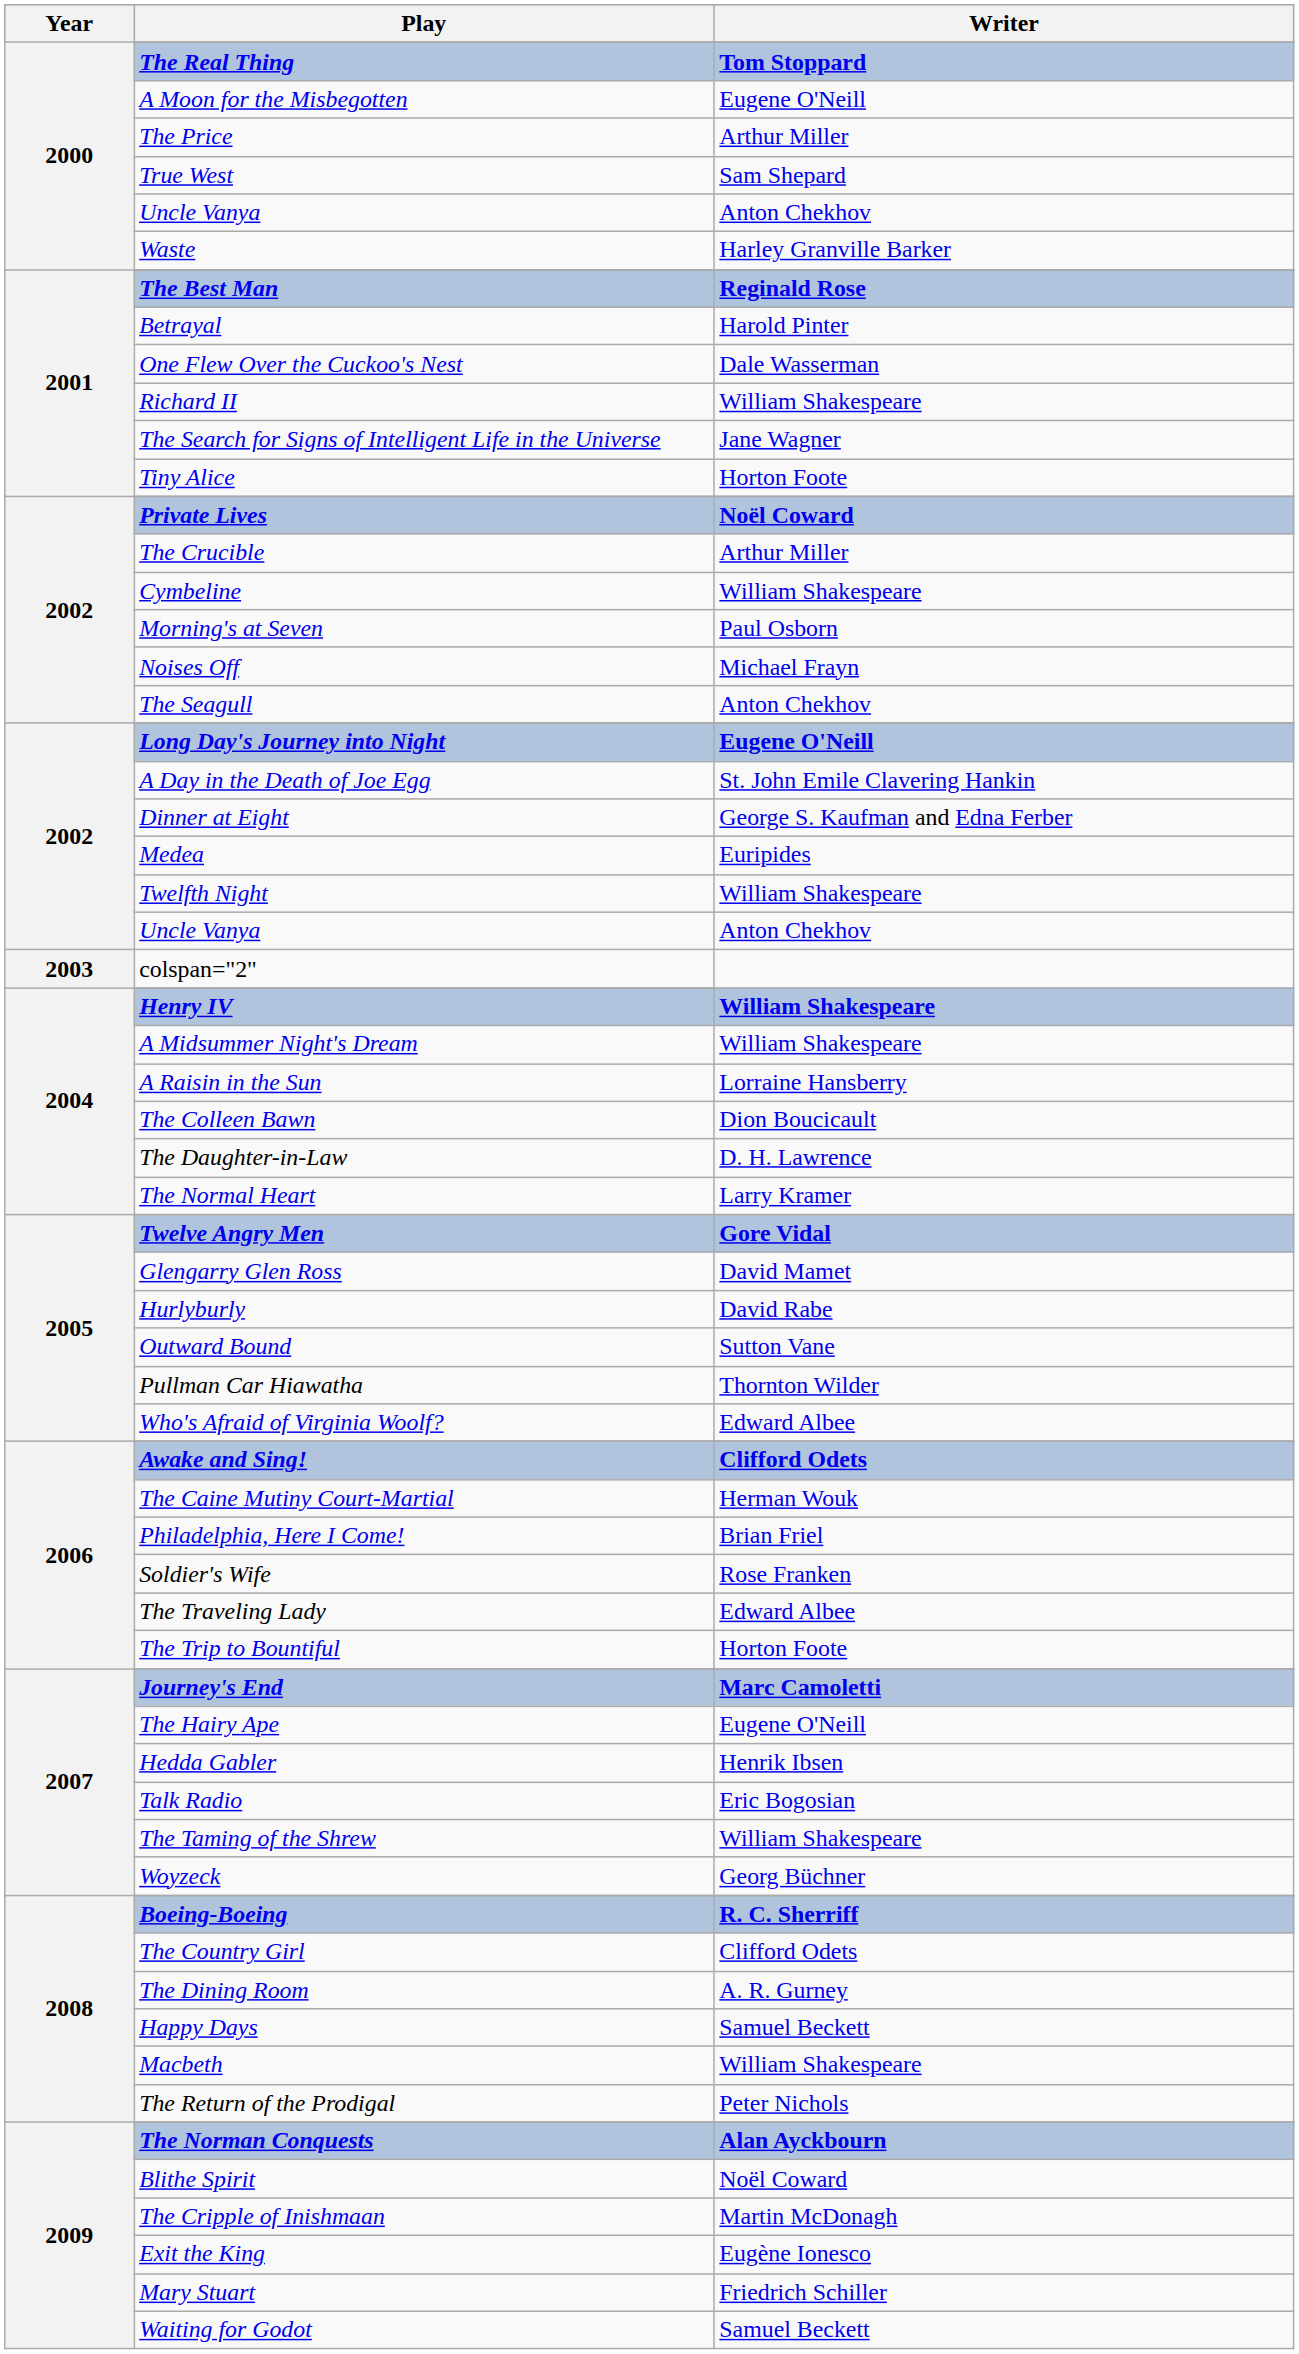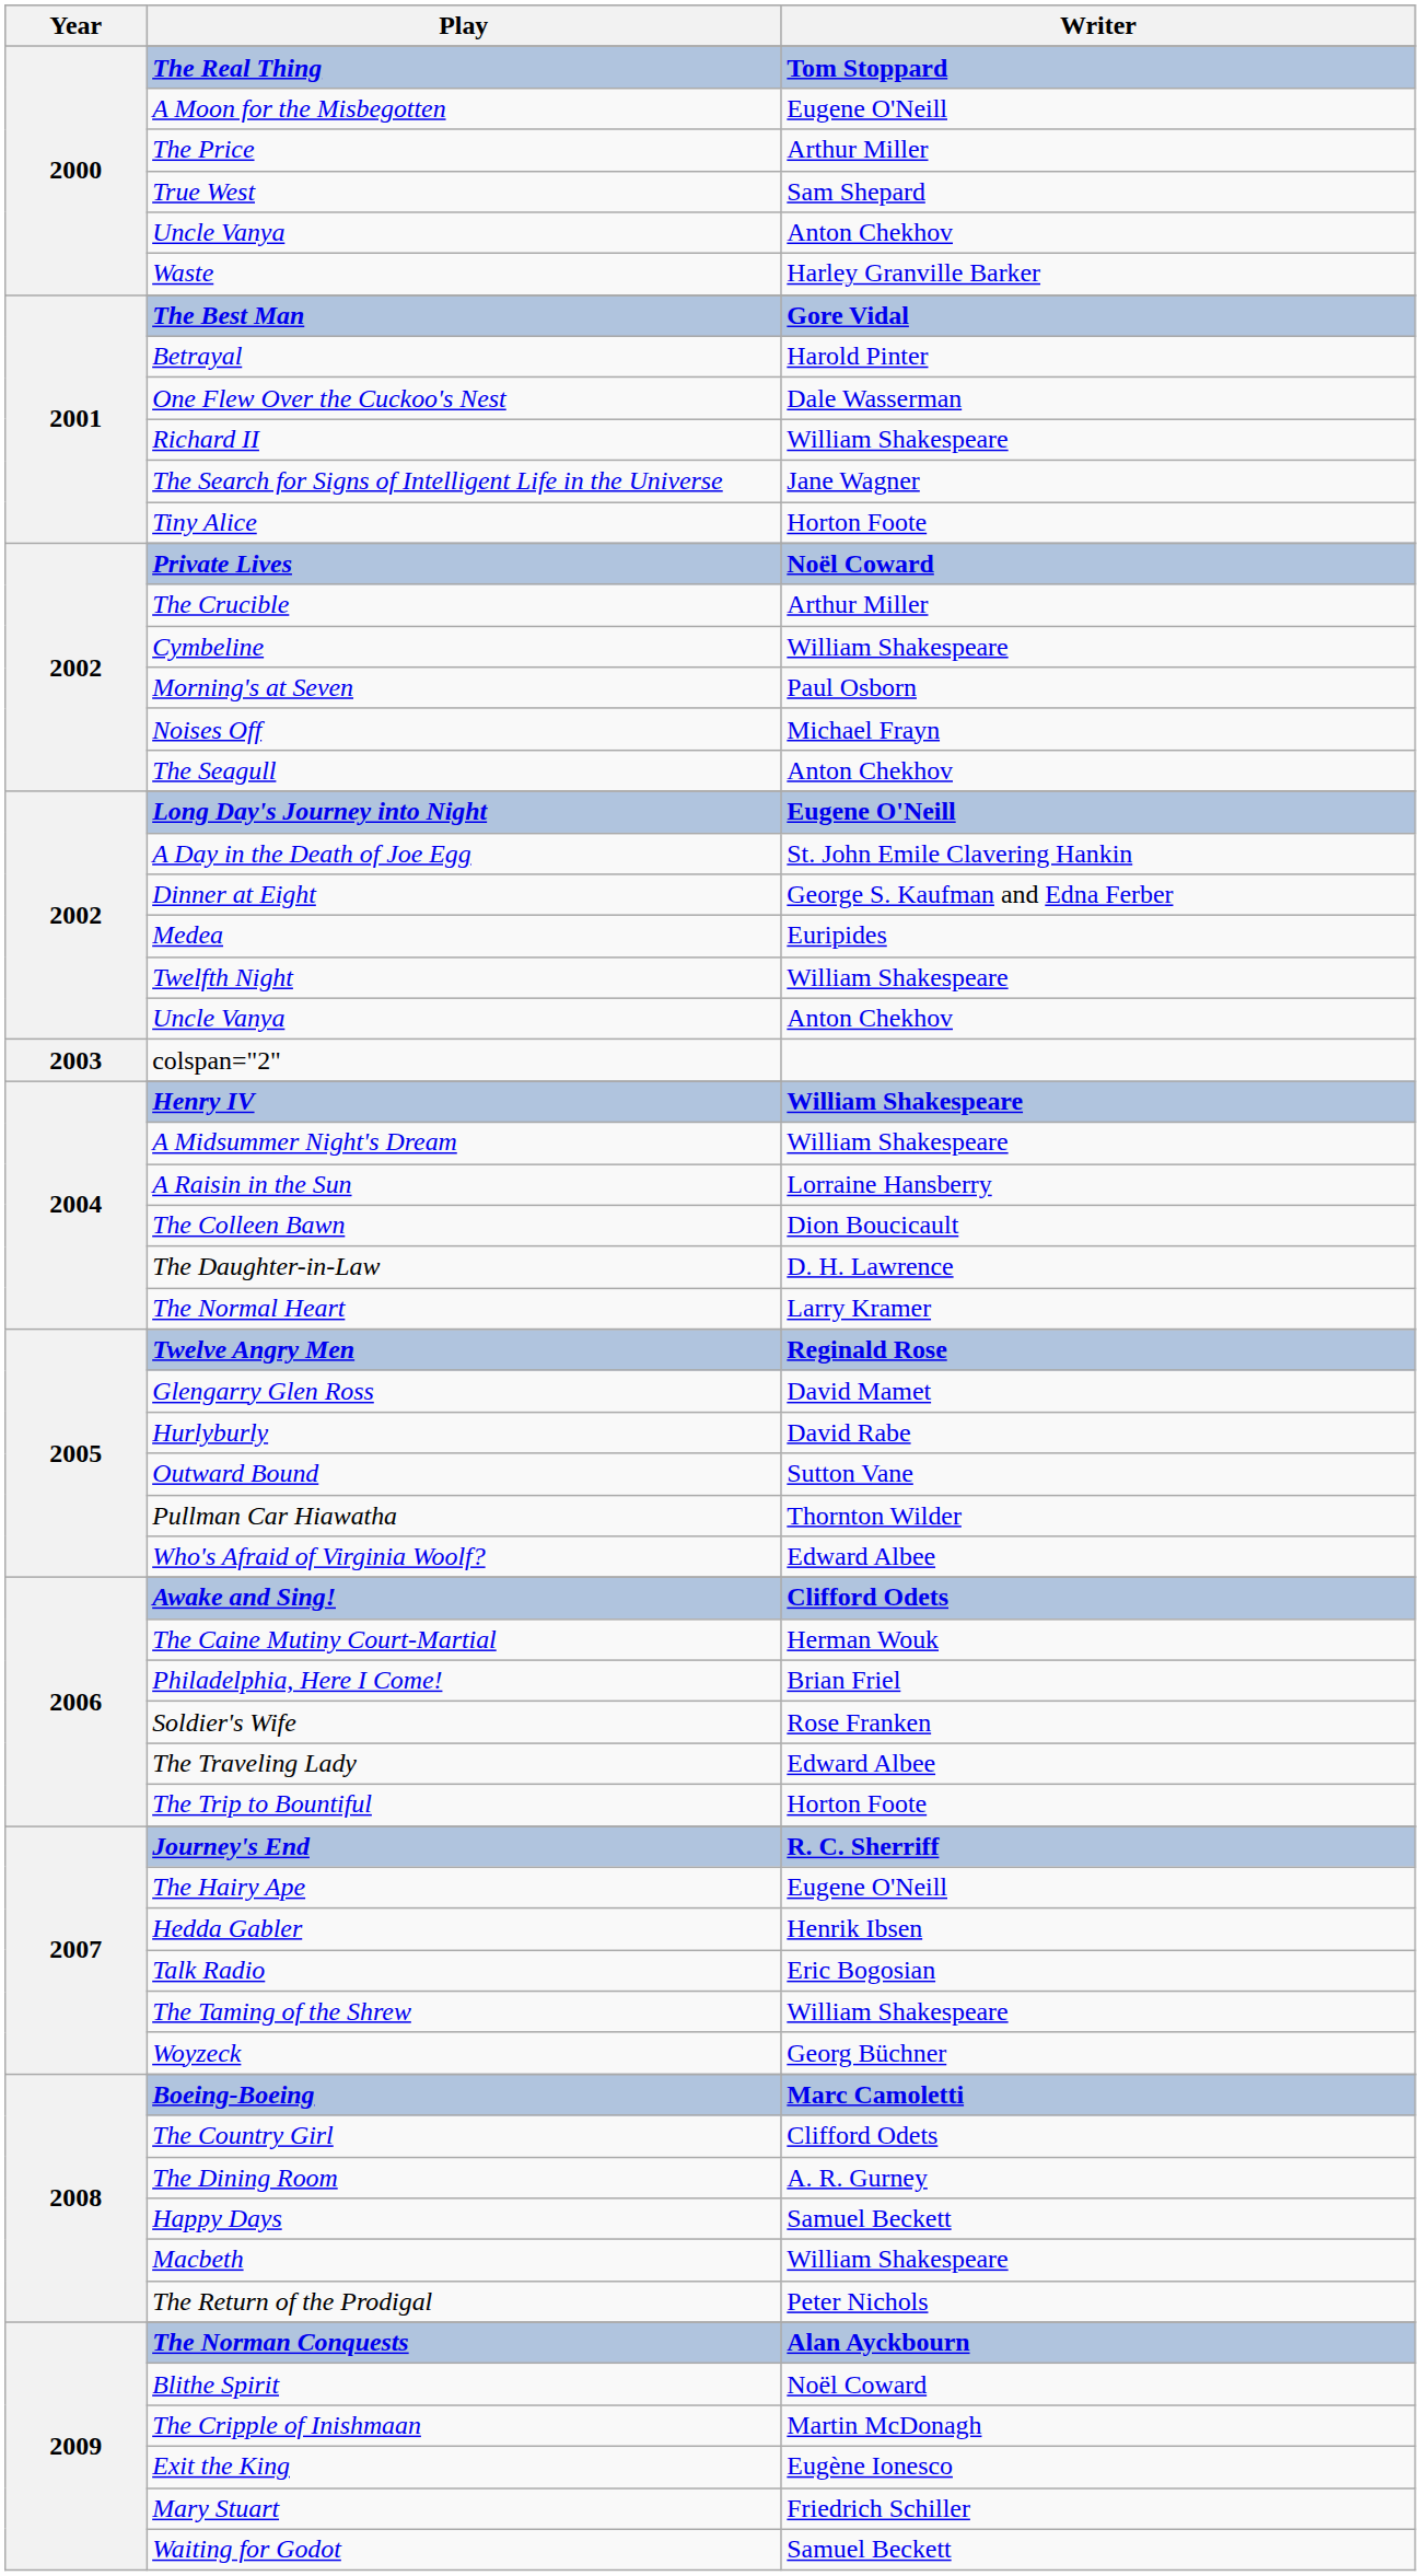 <table class="wikitable" style="width:98%;">
 <tr style="background:#bebebe;">
 <th style="width:10%;">Year</th>
 <th style="width:45%;">Play</th>
 <th style="width:45%;">Writer</th>
 </tr>
 <tr>
 <th rowspan="7">2000</th>
 </tr>
 <tr style="background:#B0C4DE">
 <td><strong><em><a href='#'>The Real Thing</a></em></strong></td>
 <td><strong><a href='#'>Tom Stoppard</a> </strong></td>
 </tr>
 <tr>
 <td><em><a href='#'>A Moon for the Misbegotten</a></em></td>
 <td><a href='#'>Eugene O'Neill</a></td>
 </tr>
 <tr>
 <td><em><a href='#'>The Price</a></em></td>
 <td><a href='#'>Arthur Miller</a></td>
 </tr>
 <tr>
 <td><em><a href='#'>True West</a></em></td>
 <td><a href='#'>Sam Shepard</a></td>
 </tr>
 <tr>
 <td><em><a href='#'>Uncle Vanya</a></em></td>
 <td><a href='#'>Anton Chekhov</a></td>
 </tr>
 <tr>
 <td><em><a href='#'>Waste</a></em></td>
 <td><a href='#'>Harley Granville Barker</a></td>
 </tr>
 <tr>
 <th rowspan="7">2001</th>
 </tr>
 <tr style="background:#B0C4DE">
 <td><strong><em><a href='#'>The Best Man</a></em></strong></td>
-<td><strong><a href='#'>Reginald Rose</a> </strong></td>
+<td><strong><a href='#'>Gore Vidal</a> </strong></td>
 </tr>
 <tr>
 <td><em><a href='#'>Betrayal</a></em></td>
 <td><a href='#'>Harold Pinter</a></td>
 </tr>
 <tr>
 <td><em><a href='#'>One Flew Over the Cuckoo's Nest</a></em></td>
 <td><a href='#'>Dale Wasserman</a></td>
 </tr>
 <tr>
 <td><em><a href='#'>Richard II</a></em></td>
 <td><a href='#'>William Shakespeare</a></td>
 </tr>
 <tr>
 <td><em><a href='#'>The Search for Signs of Intelligent Life in the Universe</a></em></td>
 <td><a href='#'>Jane Wagner</a></td>
 </tr>
 <tr>
 <td><em><a href='#'>Tiny Alice</a></em></td>
 <td><a href='#'>Horton Foote</a></td>
 </tr>
 <tr>
 <th rowspan="7">2002</th>
 </tr>
 <tr style="background:#B0C4DE">
 <td><strong><em><a href='#'>Private Lives</a></em></strong></td>
 <td><strong><a href='#'>Noël Coward</a> </strong></td>
 </tr>
 <tr>
 <td><em><a href='#'>The Crucible</a></em></td>
 <td><a href='#'>Arthur Miller</a></td>
 </tr>
 <tr>
 <td><em><a href='#'>Cymbeline</a></em></td>
 <td><a href='#'>William Shakespeare</a></td>
 </tr>
 <tr>
 <td><em><a href='#'>Morning's at Seven</a></em></td>
 <td><a href='#'>Paul Osborn</a></td>
 </tr>
 <tr>
 <td><em><a href='#'>Noises Off</a></em></td>
 <td><a href='#'>Michael Frayn</a></td>
 </tr>
 <tr>
 <td><em><a href='#'>The Seagull</a></em></td>
 <td><a href='#'>Anton Chekhov</a></td>
 </tr>
 <tr>
 <th rowspan="7">2002</th>
 </tr>
 <tr style="background:#B0C4DE">
 <td><strong><em><a href='#'>Long Day's Journey into Night</a></em></strong></td>
 <td><strong><a href='#'>Eugene O'Neill</a> </strong></td>
 </tr>
 <tr>
 <td><em><a href='#'>A Day in the Death of Joe Egg</a></em></td>
 <td><a href='#'>St. John Emile Clavering Hankin</a></td>
 </tr>
 <tr>
 <td><em><a href='#'>Dinner at Eight</a></em></td>
 <td><a href='#'>George S. Kaufman</a> and <a href='#'>Edna Ferber</a></td>
 </tr>
 <tr>
 <td><em><a href='#'>Medea</a></em></td>
 <td><a href='#'>Euripides</a></td>
 </tr>
 <tr>
 <td><em><a href='#'>Twelfth Night</a></em></td>
 <td><a href='#'>William Shakespeare</a></td>
 </tr>
 <tr>
 <td><em><a href='#'>Uncle Vanya</a></em></td>
 <td><a href='#'>Anton Chekhov</a></td>
 </tr>
 <tr>
 <th>2003</th>
 <td>colspan="2" </td>
 </tr>
 <tr>
 <th rowspan="7">2004</th>
 </tr>
 <tr style="background:#B0C4DE">
 <td><strong><em><a href='#'>Henry IV</a></em></strong></td>
 <td><strong><a href='#'>William Shakespeare</a> </strong></td>
 </tr>
 <tr>
 <td><em><a href='#'>A Midsummer Night's Dream</a></em></td>
 <td><a href='#'>William Shakespeare</a></td>
 </tr>
 <tr>
 <td><em><a href='#'>A Raisin in the Sun</a></em></td>
 <td><a href='#'>Lorraine Hansberry</a></td>
 </tr>
 <tr>
 <td><em><a href='#'>The Colleen Bawn</a></em></td>
 <td><a href='#'>Dion Boucicault</a></td>
 </tr>
 <tr>
 <td><em>The Daughter-in-Law</em></td>
 <td><a href='#'>D. H. Lawrence</a></td>
 </tr>
 <tr>
 <td><em><a href='#'>The Normal Heart</a></em></td>
 <td><a href='#'>Larry Kramer</a></td>
 </tr>
 <tr>
 <th rowspan="7">2005</th>
 </tr>
 <tr style="background:#B0C4DE">
 <td><strong><em><a href='#'>Twelve Angry Men</a></em></strong></td>
-<td><strong><a href='#'>Gore Vidal</a> </strong></td>
+<td><strong><a href='#'>Reginald Rose</a> </strong></td>
 </tr>
 <tr>
 <td><em><a href='#'>Glengarry Glen Ross</a></em></td>
 <td><a href='#'>David Mamet</a></td>
 </tr>
 <tr>
 <td><em><a href='#'>Hurlyburly</a></em></td>
 <td><a href='#'>David Rabe</a></td>
 </tr>
 <tr>
 <td><em><a href='#'>Outward Bound</a></em></td>
 <td><a href='#'>Sutton Vane</a></td>
 </tr>
 <tr>
 <td><em>Pullman Car Hiawatha</em></td>
 <td><a href='#'>Thornton Wilder</a></td>
 </tr>
 <tr>
 <td><em><a href='#'>Who's Afraid of Virginia Woolf?</a></em></td>
 <td><a href='#'>Edward Albee</a></td>
 </tr>
 <tr>
 <th rowspan="7">2006</th>
 </tr>
 <tr style="background:#B0C4DE">
 <td><strong><em><a href='#'>Awake and Sing!</a></em></strong></td>
 <td><strong><a href='#'>Clifford Odets</a> </strong></td>
 </tr>
 <tr>
 <td><em><a href='#'>The Caine Mutiny Court-Martial</a></em></td>
 <td><a href='#'>Herman Wouk</a></td>
 </tr>
 <tr>
 <td><em><a href='#'>Philadelphia, Here I Come!</a></em></td>
 <td><a href='#'>Brian Friel</a></td>
 </tr>
 <tr>
 <td><em>Soldier's Wife</em></td>
 <td><a href='#'>Rose Franken</a></td>
 </tr>
 <tr>
 <td><em>The Traveling Lady</em></td>
 <td><a href='#'>Edward Albee</a></td>
 </tr>
 <tr>
 <td><em><a href='#'>The Trip to Bountiful</a></em></td>
 <td><a href='#'>Horton Foote</a></td>
 </tr>
 <tr>
 <th rowspan="7">2007</th>
 </tr>
 <tr style="background:#B0C4DE">
 <td><strong><em><a href='#'>Journey's End</a></em></strong></td>
-<td><strong><a href='#'>Marc Camoletti</a> </strong></td>
+<td><strong><a href='#'>R. C. Sherriff</a> </strong></td>
 </tr>
 <tr>
 <td><em><a href='#'>The Hairy Ape</a></em></td>
 <td><a href='#'>Eugene O'Neill</a></td>
 </tr>
 <tr>
 <td><em><a href='#'>Hedda Gabler</a></em></td>
 <td><a href='#'>Henrik Ibsen</a></td>
 </tr>
 <tr>
 <td><em><a href='#'>Talk Radio</a></em></td>
 <td><a href='#'>Eric Bogosian</a></td>
 </tr>
 <tr>
 <td><em><a href='#'>The Taming of the Shrew</a></em></td>
 <td><a href='#'>William Shakespeare</a></td>
 </tr>
 <tr>
 <td><em><a href='#'>Woyzeck</a></em></td>
 <td><a href='#'>Georg Büchner</a></td>
 </tr>
 <tr>
 <th rowspan="7">2008</th>
 </tr>
 <tr style="background:#B0C4DE">
 <td><strong><em><a href='#'>Boeing-Boeing</a></em></strong></td>
-<td><strong><a href='#'>R. C. Sherriff</a> </strong></td>
+<td><strong><a href='#'>Marc Camoletti</a> </strong></td>
 </tr>
 <tr>
 <td><em><a href='#'>The Country Girl</a></em></td>
 <td><a href='#'>Clifford Odets</a></td>
 </tr>
 <tr>
 <td><em><a href='#'>The Dining Room</a></em></td>
 <td><a href='#'>A. R. Gurney</a></td>
 </tr>
 <tr>
 <td><em><a href='#'>Happy Days</a></em></td>
 <td><a href='#'>Samuel Beckett</a></td>
 </tr>
 <tr>
 <td><em><a href='#'>Macbeth</a></em></td>
 <td><a href='#'>William Shakespeare</a></td>
 </tr>
 <tr>
 <td><em>The Return of the Prodigal</em></td>
 <td><a href='#'>Peter Nichols</a></td>
 </tr>
 <tr>
 <th rowspan="7">2009</th>
 </tr>
 <tr style="background:#B0C4DE">
 <td><strong><em><a href='#'>The Norman Conquests</a></em></strong></td>
 <td><strong><a href='#'>Alan Ayckbourn</a> </strong></td>
 </tr>
 <tr>
 <td><em><a href='#'>Blithe Spirit</a></em></td>
 <td><a href='#'>Noël Coward</a></td>
 </tr>
 <tr>
 <td><em><a href='#'>The Cripple of Inishmaan</a></em></td>
 <td><a href='#'>Martin McDonagh</a></td>
 </tr>
 <tr>
 <td><em><a href='#'>Exit the King</a></em></td>
 <td><a href='#'>Eugène Ionesco</a></td>
 </tr>
 <tr>
 <td><em><a href='#'>Mary Stuart</a></em></td>
 <td><a href='#'>Friedrich Schiller</a></td>
 </tr>
 <tr>
 <td><em><a href='#'>Waiting for Godot</a></em></td>
 <td><a href='#'>Samuel Beckett</a></td>
 </tr>
 </table>
